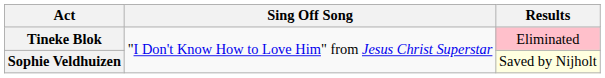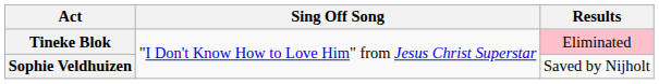 <table class="wikitable plainrowheaders" style="text-align:center;">
 <tr>
 <th scope="col">Act</th>
 <th scope="col">Sing Off Song</th>
 <th scope="col">Results</th>
 </tr>
 <tr>
 <th scope="row">Tineke Blok</th>
 <td rowspan="2">"<a href='#'>I Don't Know How to Love Him</a>" from <em><a href='#'>Jesus Christ Superstar</a></em></td>
 <td style="background:pink;">Eliminated</td>
 </tr>
 <tr>
 <th scope="row">Sophie Veldhuizen</th>
-<td style="background: lightyellow;">Saved by Nijholt</td>
+<td>Saved by Nijholt</td>
 </tr>
 </table>
